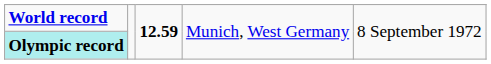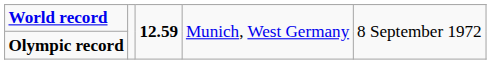 <table class="wikitable">
 <tr>
 <td><strong><a href='#'>World record</a></strong></td>
 <td rowspan=2></td>
 <td rowspan=2><strong>12.59</strong></td>
 <td rowspan=2><a href='#'>Munich</a>, <a href='#'>West Germany</a></td>
 <td rowspan=2>8 September 1972</td>
 </tr>
 <tr>
-<td style="background: paleturquoise;"><strong>Olympic record</strong></td>
+<td><strong>Olympic record</strong></td>
 </tr>
 </table>
